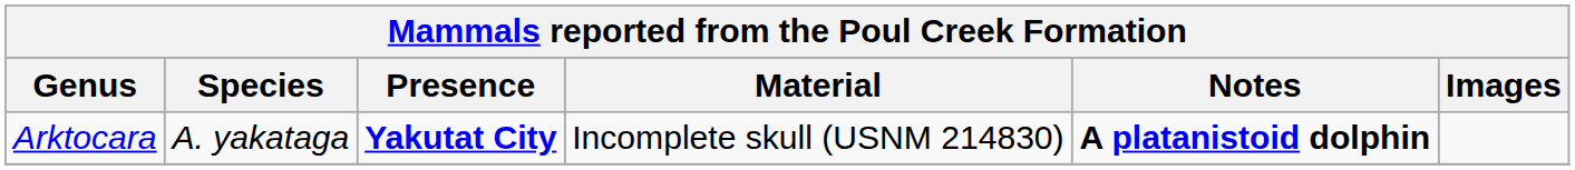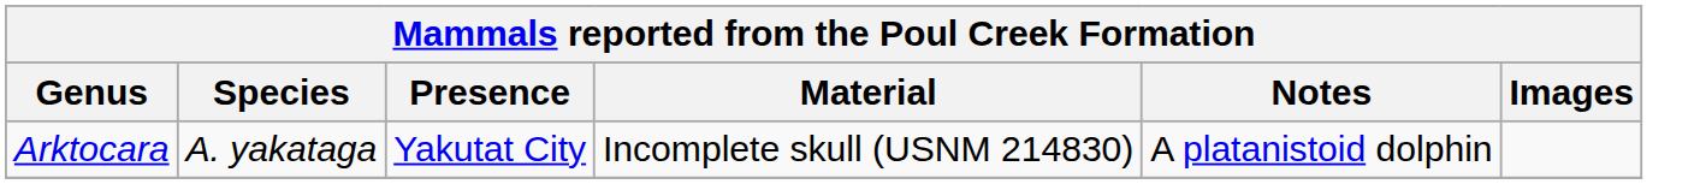 <table class="wikitable" align="center">
 <tr>
 <th colspan="6" align="center"><strong><a href='#'>Mammals</a> reported from the Poul Creek Formation</strong></th>
 </tr>
 <tr>
 <th>Genus</th>
 <th>Species</th>
 <th>Presence</th>
 <th><strong>Material</strong></th>
 <th>Notes</th>
 <th>Images</th>
 </tr>
 <tr>
 <td><em><a href='#'>Arktocara</a></em></td>
 <td><em>A. yakataga</em></td>
-<td><strong><a href='#'>Yakutat City</a></strong></td>
+<td><a href='#'>Yakutat City</a></td>
 <td>Incomplete skull (USNM 214830)</td>
-<td><strong>A <a href='#'>platanistoid</a> dolphin</strong></td>
+<td>A <a href='#'>platanistoid</a> dolphin</td>
 <td></td>
 </tr>
 <tr>
 </tr>
 </table>
